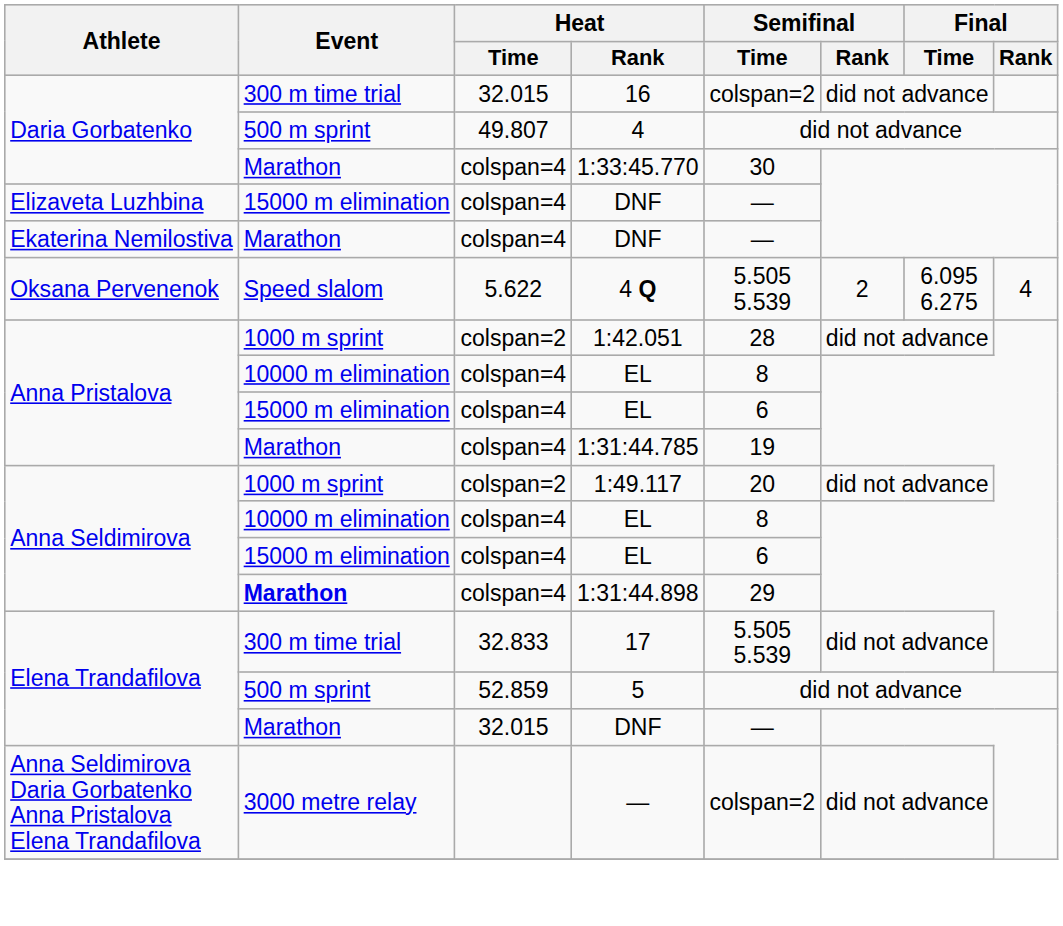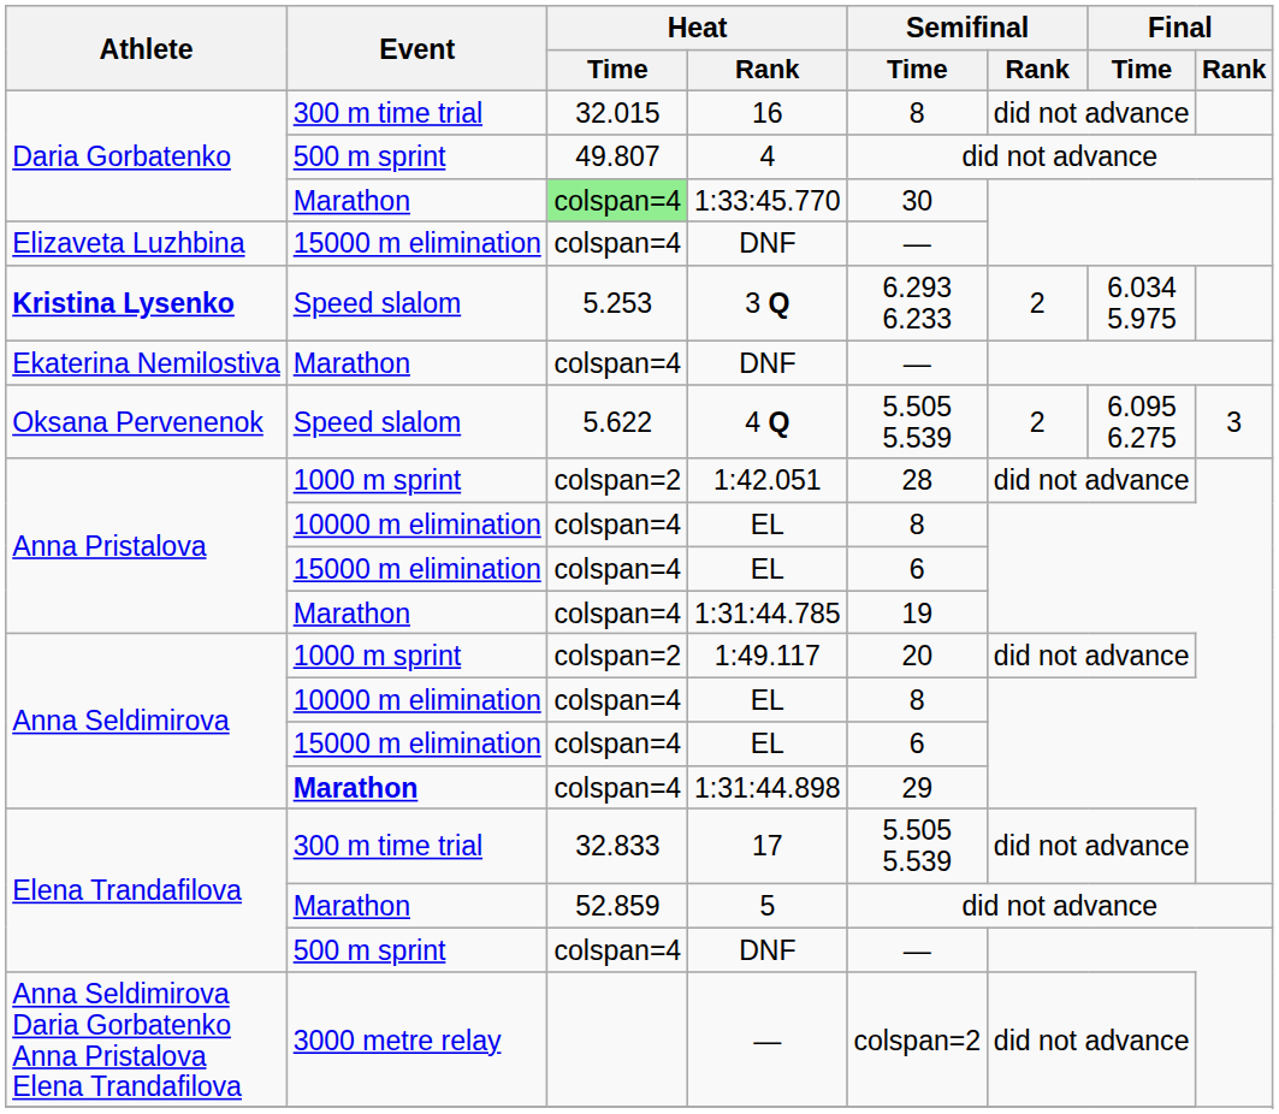 <table class="wikitable" style="text-align:center; font-size:90%">
 <tr>
 <th rowspan=2>Athlete</th>
 <th rowspan=2>Event</th>
 <th colspan=2>Heat</th>
 <th colspan=2>Semifinal</th>
 <th colspan=2>Final</th>
 </tr>
 <tr style="font-size:95%">
 <th>Time</th>
 <th>Rank</th>
 <th>Time</th>
 <th>Rank</th>
 <th>Time</th>
 <th>Rank</th>
 </tr>
 <tr>
 <td align=left rowspan=3><a href='#'>Daria Gorbatenko</a></td>
 <td align=left><a href='#'>300 m time trial</a></td>
 <td>32.015</td>
 <td>16</td>
-<td>colspan=2</td>
+<td>8</td>
 <td colspan=2>did not advance</td>
 </tr>
 <tr>
 <td align=left><a href='#'>500 m sprint</a></td>
 <td>49.807</td>
 <td>4</td>
 <td colspan=4>did not advance</td>
 </tr>
 <tr>
 <td align=left><a href='#'>Marathon</a></td>
-<td>colspan=4</td>
+<td style="background: lightgreen;">colspan=4</td>
 <td>1:33:45.770</td>
 <td>30</td>
 </tr>
 <tr>
 <td align=left><a href='#'>Elizaveta Luzhbina</a></td>
 <td align=left><a href='#'>15000 m elimination</a></td>
 <td>colspan=4</td>
 <td>DNF</td>
 <td>—</td>
+</tr>
+<tr>
+<td align=left><strong><a href='#'>Kristina Lysenko</a></strong></td>
+<td align=left><a href='#'>Speed slalom</a></td>
+<td>5.253</td>
+<td>3 <strong>Q</strong></td>
+<td>6.293<br>6.233</td>
+<td>2 <strong></strong></td>
+<td>6.034<br>5.975</td>
+<td></td>
 </tr>
 <tr>
 <td align=left><a href='#'>Ekaterina Nemilostiva</a></td>
 <td align=left><a href='#'>Marathon</a></td>
 <td>colspan=4</td>
 <td>DNF</td>
 <td>—</td>
 </tr>
 <tr>
 <td align=left><a href='#'>Oksana Pervenenok</a></td>
 <td align=left><a href='#'>Speed slalom</a></td>
 <td>5.622</td>
 <td>4 <strong>Q</strong></td>
 <td>5.505<br>5.539</td>
 <td>2 <strong></strong></td>
 <td>6.095<br>6.275</td>
-<td>4</td>
+<td>3</td>
 </tr>
 <tr>
 <td align=left rowspan=4><a href='#'>Anna Pristalova</a></td>
 <td align=left><a href='#'>1000 m sprint</a></td>
 <td>colspan=2</td>
 <td>1:42.051</td>
 <td>28</td>
 <td colspan=2>did not advance</td>
 </tr>
 <tr>
 <td align=left><a href='#'>10000 m elimination</a></td>
 <td>colspan=4</td>
 <td>EL</td>
 <td>8</td>
 </tr>
 <tr>
 <td align=left><a href='#'>15000 m elimination</a></td>
 <td>colspan=4</td>
 <td>EL</td>
 <td>6</td>
 </tr>
 <tr>
 <td align=left><a href='#'>Marathon</a></td>
 <td>colspan=4</td>
 <td>1:31:44.785</td>
 <td>19</td>
 </tr>
 <tr>
 <td align=left rowspan=4><a href='#'>Anna Seldimirova</a></td>
 <td align=left><a href='#'>1000 m sprint</a></td>
 <td>colspan=2</td>
 <td>1:49.117</td>
 <td>20</td>
 <td colspan=2>did not advance</td>
 </tr>
 <tr>
 <td align=left><a href='#'>10000 m elimination</a></td>
 <td>colspan=4</td>
 <td>EL</td>
 <td>8</td>
 </tr>
 <tr>
 <td align=left><a href='#'>15000 m elimination</a></td>
 <td>colspan=4</td>
 <td>EL</td>
 <td>6</td>
 </tr>
 <tr>
 <td align=left><strong><a href='#'>Marathon</a></strong></td>
 <td>colspan=4</td>
 <td>1:31:44.898</td>
 <td>29</td>
 </tr>
 <tr>
 <td align=left rowspan=3><a href='#'>Elena Trandafilova</a></td>
 <td align=left><a href='#'>300 m time trial</a></td>
 <td>32.833</td>
 <td>17</td>
 <td>5.505<br>5.539</td>
 <td colspan=2>did not advance</td>
 </tr>
 <tr>
-<td align=left><a href='#'>500 m sprint</a></td>
+<td align=left><a href='#'>Marathon</a></td>
 <td>52.859</td>
 <td>5</td>
 <td colspan=4>did not advance</td>
 </tr>
 <tr>
-<td align=left><a href='#'>Marathon</a></td>
-<td>32.015</td>
+<td align=left><a href='#'>500 m sprint</a></td>
+<td>colspan=4</td>
 <td>DNF</td>
 <td>—</td>
 </tr>
 <tr>
 <td align=left><a href='#'>Anna Seldimirova</a><br><a href='#'>Daria Gorbatenko</a><br><a href='#'>Anna Pristalova</a><br><a href='#'>Elena Trandafilova</a></td>
 <td align=left><a href='#'>3000 metre relay</a></td>
 <td></td>
 <td>—</td>
 <td>colspan=2</td>
 <td colspan=2>did not advance</td>
 </tr>
 <tr>
 </tr>
 </table>
